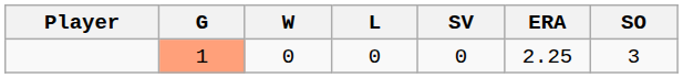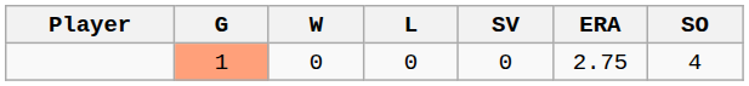 <table class="wikitable sortable">
 <tr>
 <th bgcolor="#DDDDFF" width="16%">Player</th>
 <th bgcolor="#DDDDFF" width="9%">G</th>
 <th bgcolor="#DDDDFF" width="9%">W</th>
 <th bgcolor="#DDDDFF" width="9%">L</th>
 <th bgcolor="#DDDDFF" width="9%">SV</th>
 <th bgcolor="#DDDDFF" width="9%">ERA</th>
 <th bgcolor="#DDDDFF" width="9%">SO</th>
 </tr>
 <tr align="center">
 <td></td>
 <td style="background: lightsalmon;">1</td>
 <td>0</td>
 <td>0</td>
 <td>0</td>
-<td>2.25</td>
-<td>3</td>
+<td>2.75</td>
+<td>4</td>
 </tr>
 </table>
